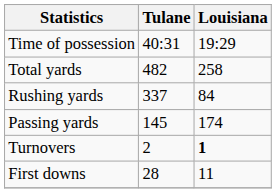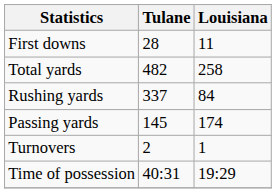 <table class="wikitable">
 <tr>
 <th>Statistics</th>
 <th>Tulane</th>
 <th>Louisiana</th>
 </tr>
 <tr>
-<td>Time of possession</td>
-<td>40:31</td>
-<td>19:29</td>
+<td>First downs</td>
+<td>28</td>
+<td>11</td>
 </tr>
 <tr>
 <td>Total yards</td>
 <td>482</td>
 <td>258</td>
 </tr>
 <tr>
 <td>Rushing yards</td>
 <td>337</td>
 <td>84</td>
 </tr>
 <tr>
 <td>Passing yards</td>
 <td>145</td>
 <td>174</td>
 </tr>
 <tr>
 <td>Turnovers</td>
 <td>2</td>
-<td><strong>1</strong></td>
+<td>1</td>
 </tr>
 <tr>
-<td>First downs</td>
-<td>28</td>
-<td>11</td>
+<td>Time of possession</td>
+<td>40:31</td>
+<td>19:29</td>
 </tr>
 <tr>
 </tr>
 </table>
